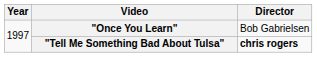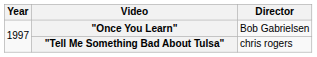 <table class="wikitable plainrowheaders">
 <tr>
 <th>Year</th>
 <th style="width:20em;">Video</th>
 <th>Director</th>
 </tr>
 <tr>
 <td rowspan="2">1997</td>
 <th scope="row">"Once You Learn"</th>
 <td>Bob Gabrielsen</td>
 </tr>
 <tr>
 <th scope="row">"Tell Me Something Bad About Tulsa"</th>
-<td><strong>chris rogers</strong></td>
+<td>chris rogers</td>
 </tr>
 </table>
